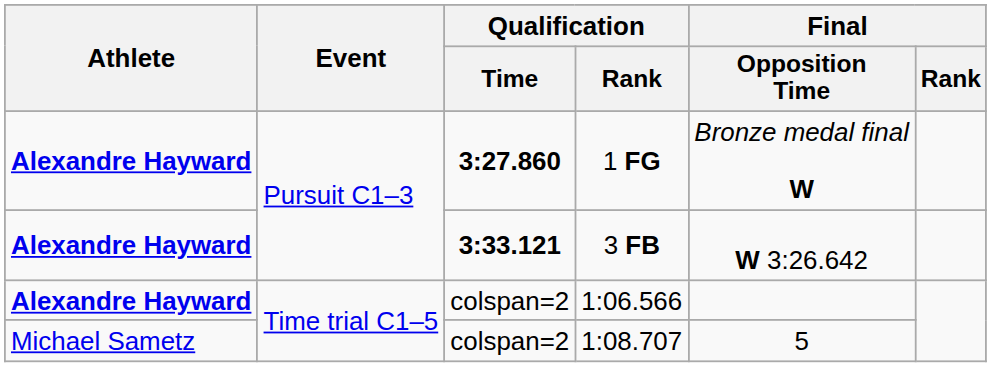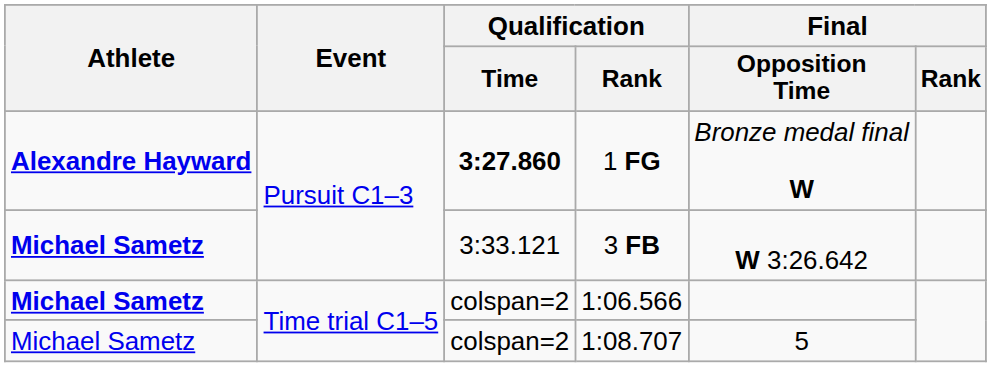 <table class=wikitable style="font-size:90%">
 <tr>
 <th rowspan="2">Athlete</th>
 <th rowspan="2">Event</th>
 <th colspan="2">Qualification</th>
 <th colspan="2">Final</th>
 </tr>
 <tr style="font-size:95%">
 <th>Time</th>
 <th>Rank</th>
 <th>Opposition<br>Time</th>
 <th>Rank</th>
 </tr>
 <tr align=center>
 <td align=left><strong><a href='#'>Alexandre Hayward</a></strong></td>
 <td align=left rowspan=2><a href='#'>Pursuit C1–3</a></td>
 <td><strong>3:27.860</strong></td>
 <td>1 <strong>FG</strong></td>
 <td><em>Bronze medal final</em><br><br><strong>W</strong> </td>
 <td></td>
 </tr>
 <tr align=center>
-<td align=left><strong><a href='#'>Alexandre Hayward</a></strong></td>
-<td><strong>3:33.121</strong></td>
+<td align=left><strong><a href='#'>Michael Sametz</a></strong></td>
+<td>3:33.121</td>
 <td>3 <strong>FB</strong></td>
 <td><br><strong>W</strong> 3:26.642</td>
 <td></td>
 </tr>
 <tr align=center>
-<td align=left><strong><a href='#'>Alexandre Hayward</a></strong></td>
+<td align=left><strong><a href='#'>Michael Sametz</a></strong></td>
 <td align=left rowspan=2><a href='#'>Time trial C1–5</a></td>
 <td>colspan=2 </td>
 <td>1:06.566</td>
 <td></td>
 </tr>
 <tr align=center>
 <td align=left><a href='#'>Michael Sametz</a></td>
 <td>colspan=2 </td>
 <td>1:08.707</td>
 <td>5</td>
 </tr>
 </table>
